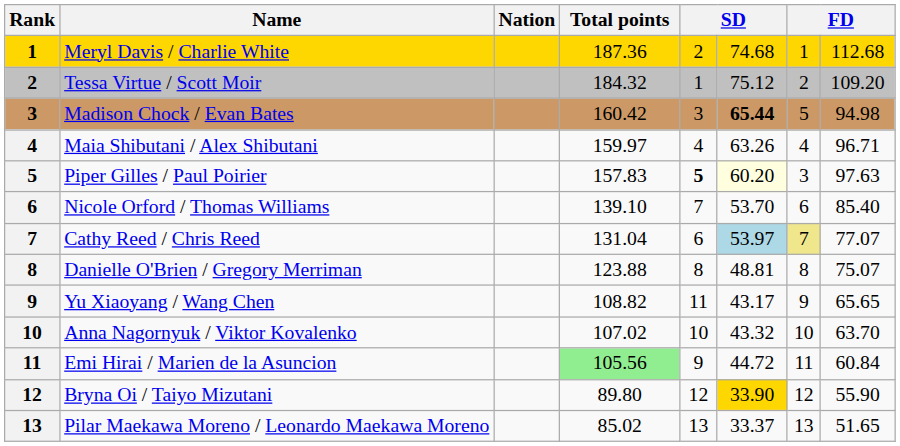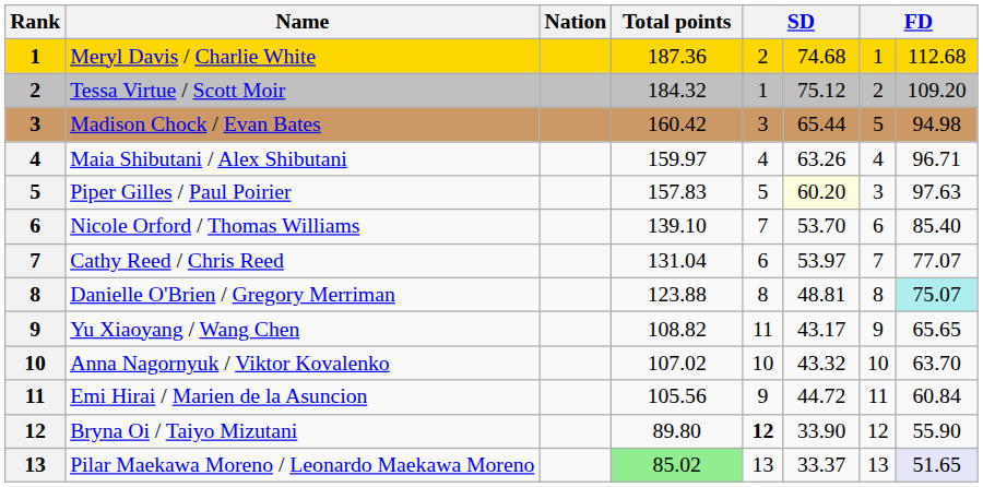 <table class="wikitable sortable">
 <tr>
 <th>Rank</th>
 <th>Name</th>
 <th>Nation</th>
 <th style="width:90px;">Total points</th>
 <th colspan="2" width="80px"><a href='#'>SD</a></th>
 <th colspan="2" width="80px"><a href='#'>FD</a></th>
 </tr>
 <tr bgcolor="gold">
 <td align="center"><strong>1</strong></td>
 <td><a href='#'>Meryl Davis</a> / <a href='#'>Charlie White</a></td>
 <td></td>
 <td align="center">187.36</td>
 <td align="center">2</td>
 <td align="center">74.68</td>
 <td align="center">1</td>
 <td align="center">112.68</td>
 </tr>
 <tr bgcolor="silver">
 <td align="center"><strong>2</strong></td>
 <td><a href='#'>Tessa Virtue</a> / <a href='#'>Scott Moir</a></td>
 <td></td>
 <td align="center">184.32</td>
 <td align="center">1</td>
 <td align="center">75.12</td>
 <td align="center">2</td>
 <td align="center">109.20</td>
 </tr>
 <tr bgcolor="cc9966">
 <td align="center"><strong>3</strong></td>
 <td><a href='#'>Madison Chock</a> / <a href='#'>Evan Bates</a></td>
 <td></td>
 <td align="center">160.42</td>
 <td align="center">3</td>
-<td align="center"><strong>65.44</strong></td>
+<td align="center">65.44</td>
 <td align="center">5</td>
 <td align="center">94.98</td>
 </tr>
 <tr>
 <th>4</th>
 <td><a href='#'>Maia Shibutani</a> / <a href='#'>Alex Shibutani</a></td>
 <td></td>
 <td align="center">159.97</td>
 <td align="center">4</td>
 <td align="center">63.26</td>
 <td align="center">4</td>
 <td align="center">96.71</td>
 </tr>
 <tr>
 <th>5</th>
 <td><a href='#'>Piper Gilles</a> / <a href='#'>Paul Poirier</a></td>
 <td></td>
 <td align="center">157.83</td>
-<td align="center"><strong>5</strong></td>
+<td align="center">5</td>
 <td align="center" style="background: lightyellow;">60.20</td>
 <td align="center">3</td>
 <td align="center">97.63</td>
 </tr>
 <tr>
 <th>6</th>
 <td><a href='#'>Nicole Orford</a> / <a href='#'>Thomas Williams</a></td>
 <td></td>
 <td align="center">139.10</td>
 <td align="center">7</td>
 <td align="center">53.70</td>
 <td align="center">6</td>
 <td align="center">85.40</td>
 </tr>
 <tr>
 <th>7</th>
 <td><a href='#'>Cathy Reed</a> / <a href='#'>Chris Reed</a></td>
 <td></td>
 <td align="center">131.04</td>
 <td align="center">6</td>
-<td align="center" style="background: lightblue;">53.97</td>
-<td align="center" style="background: khaki;">7</td>
+<td align="center">53.97</td>
+<td align="center">7</td>
 <td align="center">77.07</td>
 </tr>
 <tr>
 <th>8</th>
 <td><a href='#'>Danielle O'Brien</a> / <a href='#'>Gregory Merriman</a></td>
 <td></td>
 <td align="center">123.88</td>
 <td align="center">8</td>
 <td align="center">48.81</td>
 <td align="center">8</td>
-<td align="center">75.07</td>
+<td align="center" style="background: paleturquoise;">75.07</td>
 </tr>
 <tr>
 <th>9</th>
 <td><a href='#'>Yu Xiaoyang</a> / <a href='#'>Wang Chen</a></td>
 <td></td>
 <td align="center">108.82</td>
 <td align="center">11</td>
 <td align="center">43.17</td>
 <td align="center">9</td>
 <td align="center">65.65</td>
 </tr>
 <tr>
 <th>10</th>
 <td><a href='#'>Anna Nagornyuk</a> / <a href='#'>Viktor Kovalenko</a></td>
 <td></td>
 <td align="center">107.02</td>
 <td align="center">10</td>
 <td align="center">43.32</td>
 <td align="center">10</td>
 <td align="center">63.70</td>
 </tr>
 <tr>
 <th>11</th>
 <td><a href='#'>Emi Hirai</a> / <a href='#'>Marien de la Asuncion</a></td>
 <td></td>
-<td align="center" style="background: lightgreen;">105.56</td>
+<td align="center">105.56</td>
 <td align="center">9</td>
 <td align="center">44.72</td>
 <td align="center">11</td>
 <td align="center">60.84</td>
 </tr>
 <tr>
 <th>12</th>
 <td><a href='#'>Bryna Oi</a> / <a href='#'>Taiyo Mizutani</a></td>
 <td></td>
 <td align="center">89.80</td>
-<td align="center">12</td>
-<td align="center" style="background: gold;">33.90</td>
+<td align="center"><strong>12</strong></td>
+<td align="center">33.90</td>
 <td align="center">12</td>
 <td align="center">55.90</td>
 </tr>
 <tr>
 <th>13</th>
 <td><a href='#'>Pilar Maekawa Moreno</a> / <a href='#'>Leonardo Maekawa Moreno</a></td>
 <td></td>
-<td align="center">85.02</td>
+<td align="center" style="background: lightgreen;">85.02</td>
 <td align="center">13</td>
 <td align="center">33.37</td>
 <td align="center">13</td>
-<td align="center">51.65</td>
+<td align="center" style="background: lavender;">51.65</td>
 </tr>
 </table>
